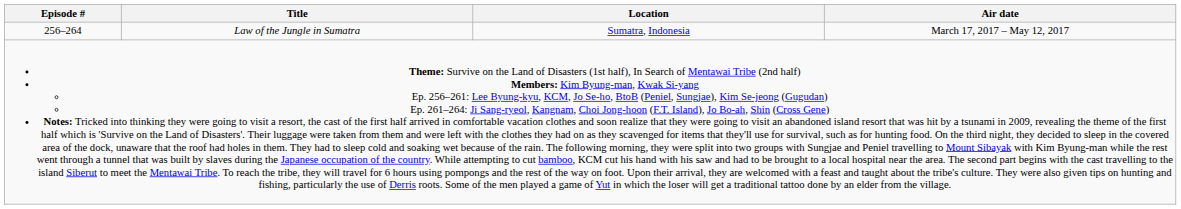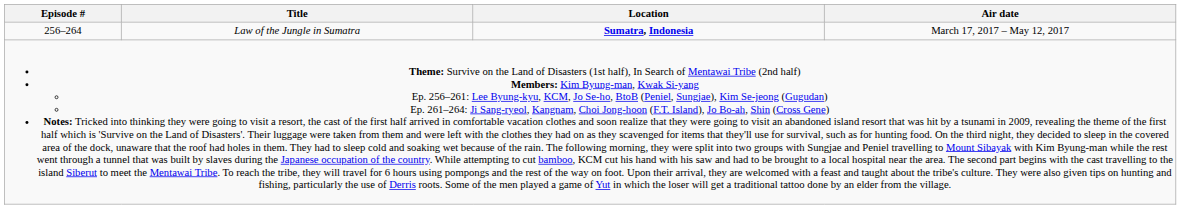 <table class="wikitable" style="text-align:center; font-size:90%; width:100%;">
 <tr>
 <th width="10%">Episode #</th>
 <th width="30%">Title</th>
 <th width="30%">Location</th>
 <th width="30%">Air date</th>
 </tr>
 <tr>
 <td>256–264</td>
 <td><em>Law of the Jungle in Sumatra</em></td>
-<td><a href='#'>Sumatra</a>, <a href='#'>Indonesia</a></td>
+<td><strong><a href='#'>Sumatra</a>, <a href='#'>Indonesia</a></strong></td>
 <td>March 17, 2017 – May 12, 2017</td>
 </tr>
 <tr>
 <td colspan="4"><br><ul><li><strong>Theme:</strong> Survive on the Land of Disasters (1st half), In Search of <a href='#'>Mentawai Tribe</a> (2nd half)</li><li><strong>Members:</strong> <a href='#'>Kim Byung-man</a>, <a href='#'>Kwak Si-yang</a><ul><li>Ep. 256–261: <a href='#'>Lee Byung-kyu</a>, <a href='#'>KCM</a>, <a href='#'>Jo Se-ho</a>, <a href='#'>BtoB</a> (<a href='#'>Peniel</a>, <a href='#'>Sungjae</a>), <a href='#'>Kim Se-jeong</a> (<a href='#'>Gugudan</a>)</li><li>Ep. 261–264: <a href='#'>Ji Sang-ryeol</a>, <a href='#'>Kangnam</a>, <a href='#'>Choi Jong-hoon</a> (<a href='#'>F.T. Island</a>), <a href='#'>Jo Bo-ah</a>, <a href='#'>Shin</a> (<a href='#'>Cross Gene</a>)</li></ul></li><li><strong>Notes:</strong> Tricked into thinking they were going to visit a resort, the cast of the first half arrived in comfortable vacation clothes and soon realize that they were going to visit an abandoned island resort that was hit by a tsunami in 2009, revealing the theme of the first half which is 'Survive on the Land of Disasters'. Their luggage were taken from them and were left with the clothes they had on as they scavenged for items that they'll use for survival, such as for hunting food. On the third night, they decided to sleep in the covered area of the dock, unaware that the roof had holes in them. They had to sleep cold and soaking wet because of the rain. The following morning, they were split into two groups with Sungjae and Peniel travelling to <a href='#'>Mount Sibayak</a> with Kim Byung-man while the rest went through a tunnel that was built by slaves during the <a href='#'>Japanese occupation of the country</a>. While attempting to cut <a href='#'>bamboo</a>, KCM cut his hand with his saw and had to be brought to a local hospital near the area. The second part begins with the cast travelling to the island <a href='#'>Siberut</a> to meet the <a href='#'>Mentawai Tribe</a>. To reach the tribe, they will travel for 6 hours using pompongs and the rest of the way on foot. Upon their arrival, they are welcomed with a feast and taught about the tribe's culture. They were also given tips on hunting and fishing, particularly the use of <a href='#'>Derris</a> roots. Some of the men played a game of <a href='#'>Yut</a> in which the loser will get a traditional tattoo done by an elder from the village. </li></ul></td>
 </tr>
 </table>
